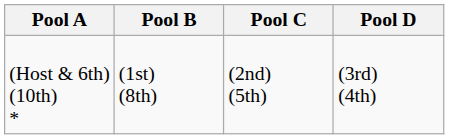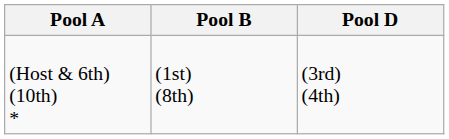 <table class="wikitable">
 <tr>
 <th width=25%>Pool A</th>
 <th width=25%>Pool B</th>
-<th width=25%>Pool C</th>
 <th width=25%>Pool D</th>
 </tr>
 <tr>
 <td valign=top><br> (Host & 6th)<br>  (10th)<br> <s></s> *</td>
 <td valign=top><br> (1st)<br>  (8th)<br> </td>
-<td><br> (2nd)<br>  (5th)<br> <br> </td>
 <td><br> (3rd)<br>  (4th)<br> <br> </td>
 </tr>
 </table>
